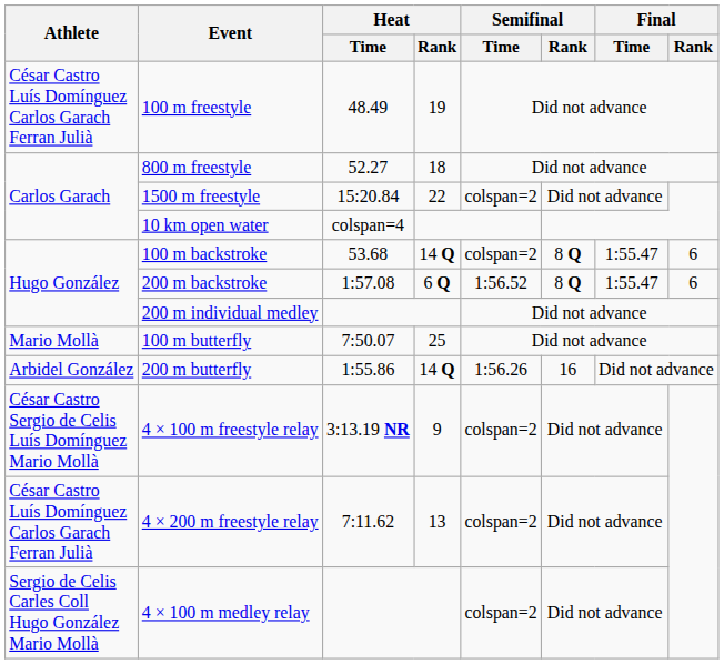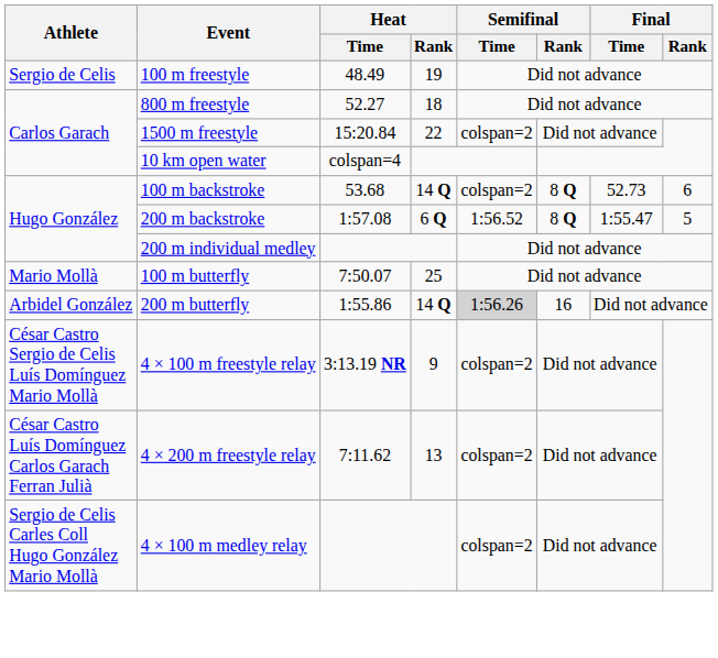 <table class=wikitable style="font-size:90%;">
 <tr>
 <th rowspan=2>Athlete</th>
 <th rowspan=2>Event</th>
 <th colspan=2>Heat</th>
 <th colspan=2>Semifinal</th>
 <th colspan=2>Final</th>
 </tr>
 <tr style="font-size:95%">
 <th>Time</th>
 <th>Rank</th>
 <th>Time</th>
 <th>Rank</th>
 <th>Time</th>
 <th>Rank</th>
 </tr>
 <tr align=center>
-<td align=left><a href='#'>César Castro</a><br><a href='#'>Luís Domínguez</a><br><a href='#'>Carlos Garach</a><br><a href='#'>Ferran Julià</a></td>
+<td align=left><a href='#'>Sergio de Celis</a></td>
 <td align=left><a href='#'>100 m freestyle</a></td>
 <td>48.49</td>
 <td>19</td>
 <td colspan="4">Did not advance</td>
 </tr>
 <tr align=center>
 <td align=left rowspan=3><a href='#'>Carlos Garach</a></td>
 <td align=left><a href='#'>800 m freestyle</a></td>
 <td>52.27</td>
 <td>18</td>
 <td colspan=4>Did not advance</td>
 </tr>
 <tr align=center>
 <td align=left><a href='#'>1500 m freestyle</a></td>
 <td>15:20.84</td>
 <td>22</td>
 <td>colspan=2 </td>
 <td colspan=2>Did not advance</td>
 </tr>
 <tr align=center>
 <td align=left><a href='#'>10 km open water</a></td>
 <td>colspan=4 </td>
 <td colspan=2></td>
 </tr>
 <tr align=center>
 <td align=left rowspan=3><a href='#'>Hugo González</a></td>
 <td align=left><a href='#'>100 m backstroke</a></td>
 <td>53.68</td>
 <td>14 <strong>Q</strong></td>
 <td>colspan=2 </td>
 <td>8 <strong>Q</strong></td>
-<td>1:55.47</td>
+<td>52.73</td>
 <td>6</td>
 </tr>
 <tr align=center>
 <td align=left><a href='#'>200 m backstroke</a></td>
 <td>1:57.08</td>
 <td>6 <strong>Q</strong></td>
 <td>1:56.52</td>
 <td>8 <strong>Q</strong></td>
 <td>1:55.47</td>
-<td>6</td>
+<td>5</td>
 </tr>
 <tr align=center>
 <td align=left><a href='#'>200 m individual medley</a></td>
 <td colspan=2></td>
 <td colspan=4>Did not advance</td>
 </tr>
 <tr align=center>
 <td align=left><a href='#'>Mario Mollà</a></td>
 <td align=left><a href='#'>100 m butterfly</a></td>
 <td>7:50.07</td>
 <td>25</td>
 <td colspan=4>Did not advance</td>
 </tr>
 <tr align=center>
 <td align=left><a href='#'>Arbidel González</a></td>
 <td align=left><a href='#'>200 m butterfly</a></td>
 <td>1:55.86</td>
 <td>14 <strong>Q</strong></td>
-<td>1:56.26</td>
+<td style="background: lightgrey;">1:56.26</td>
 <td>16</td>
 <td colspan=2>Did not advance</td>
 </tr>
 <tr align=center>
 <td align=left><a href='#'>César Castro</a><br><a href='#'>Sergio de Celis</a><br><a href='#'>Luís Domínguez</a><br><a href='#'>Mario Mollà</a></td>
 <td align=left><a href='#'>4 × 100 m freestyle relay</a></td>
 <td>3:13.19 <strong><a href='#'>NR</a></strong></td>
 <td>9</td>
 <td>colspan=2 </td>
 <td colspan=2>Did not advance</td>
 </tr>
 <tr align=center>
 <td align=left><a href='#'>César Castro</a><br><a href='#'>Luís Domínguez</a><br><a href='#'>Carlos Garach</a><br><a href='#'>Ferran Julià</a></td>
 <td align=left><a href='#'>4 × 200 m freestyle relay</a></td>
 <td>7:11.62</td>
 <td>13</td>
 <td>colspan=2 </td>
 <td colspan=2>Did not advance</td>
 </tr>
 <tr align=center>
 <td align=left><a href='#'>Sergio de Celis</a><br><a href='#'>Carles Coll</a><br><a href='#'>Hugo González</a><br><a href='#'>Mario Mollà</a></td>
 <td align=left><a href='#'>4 × 100 m medley relay</a></td>
 <td colspan=2></td>
 <td>colspan=2 </td>
 <td colspan=2>Did not advance</td>
 </tr>
 </table>
